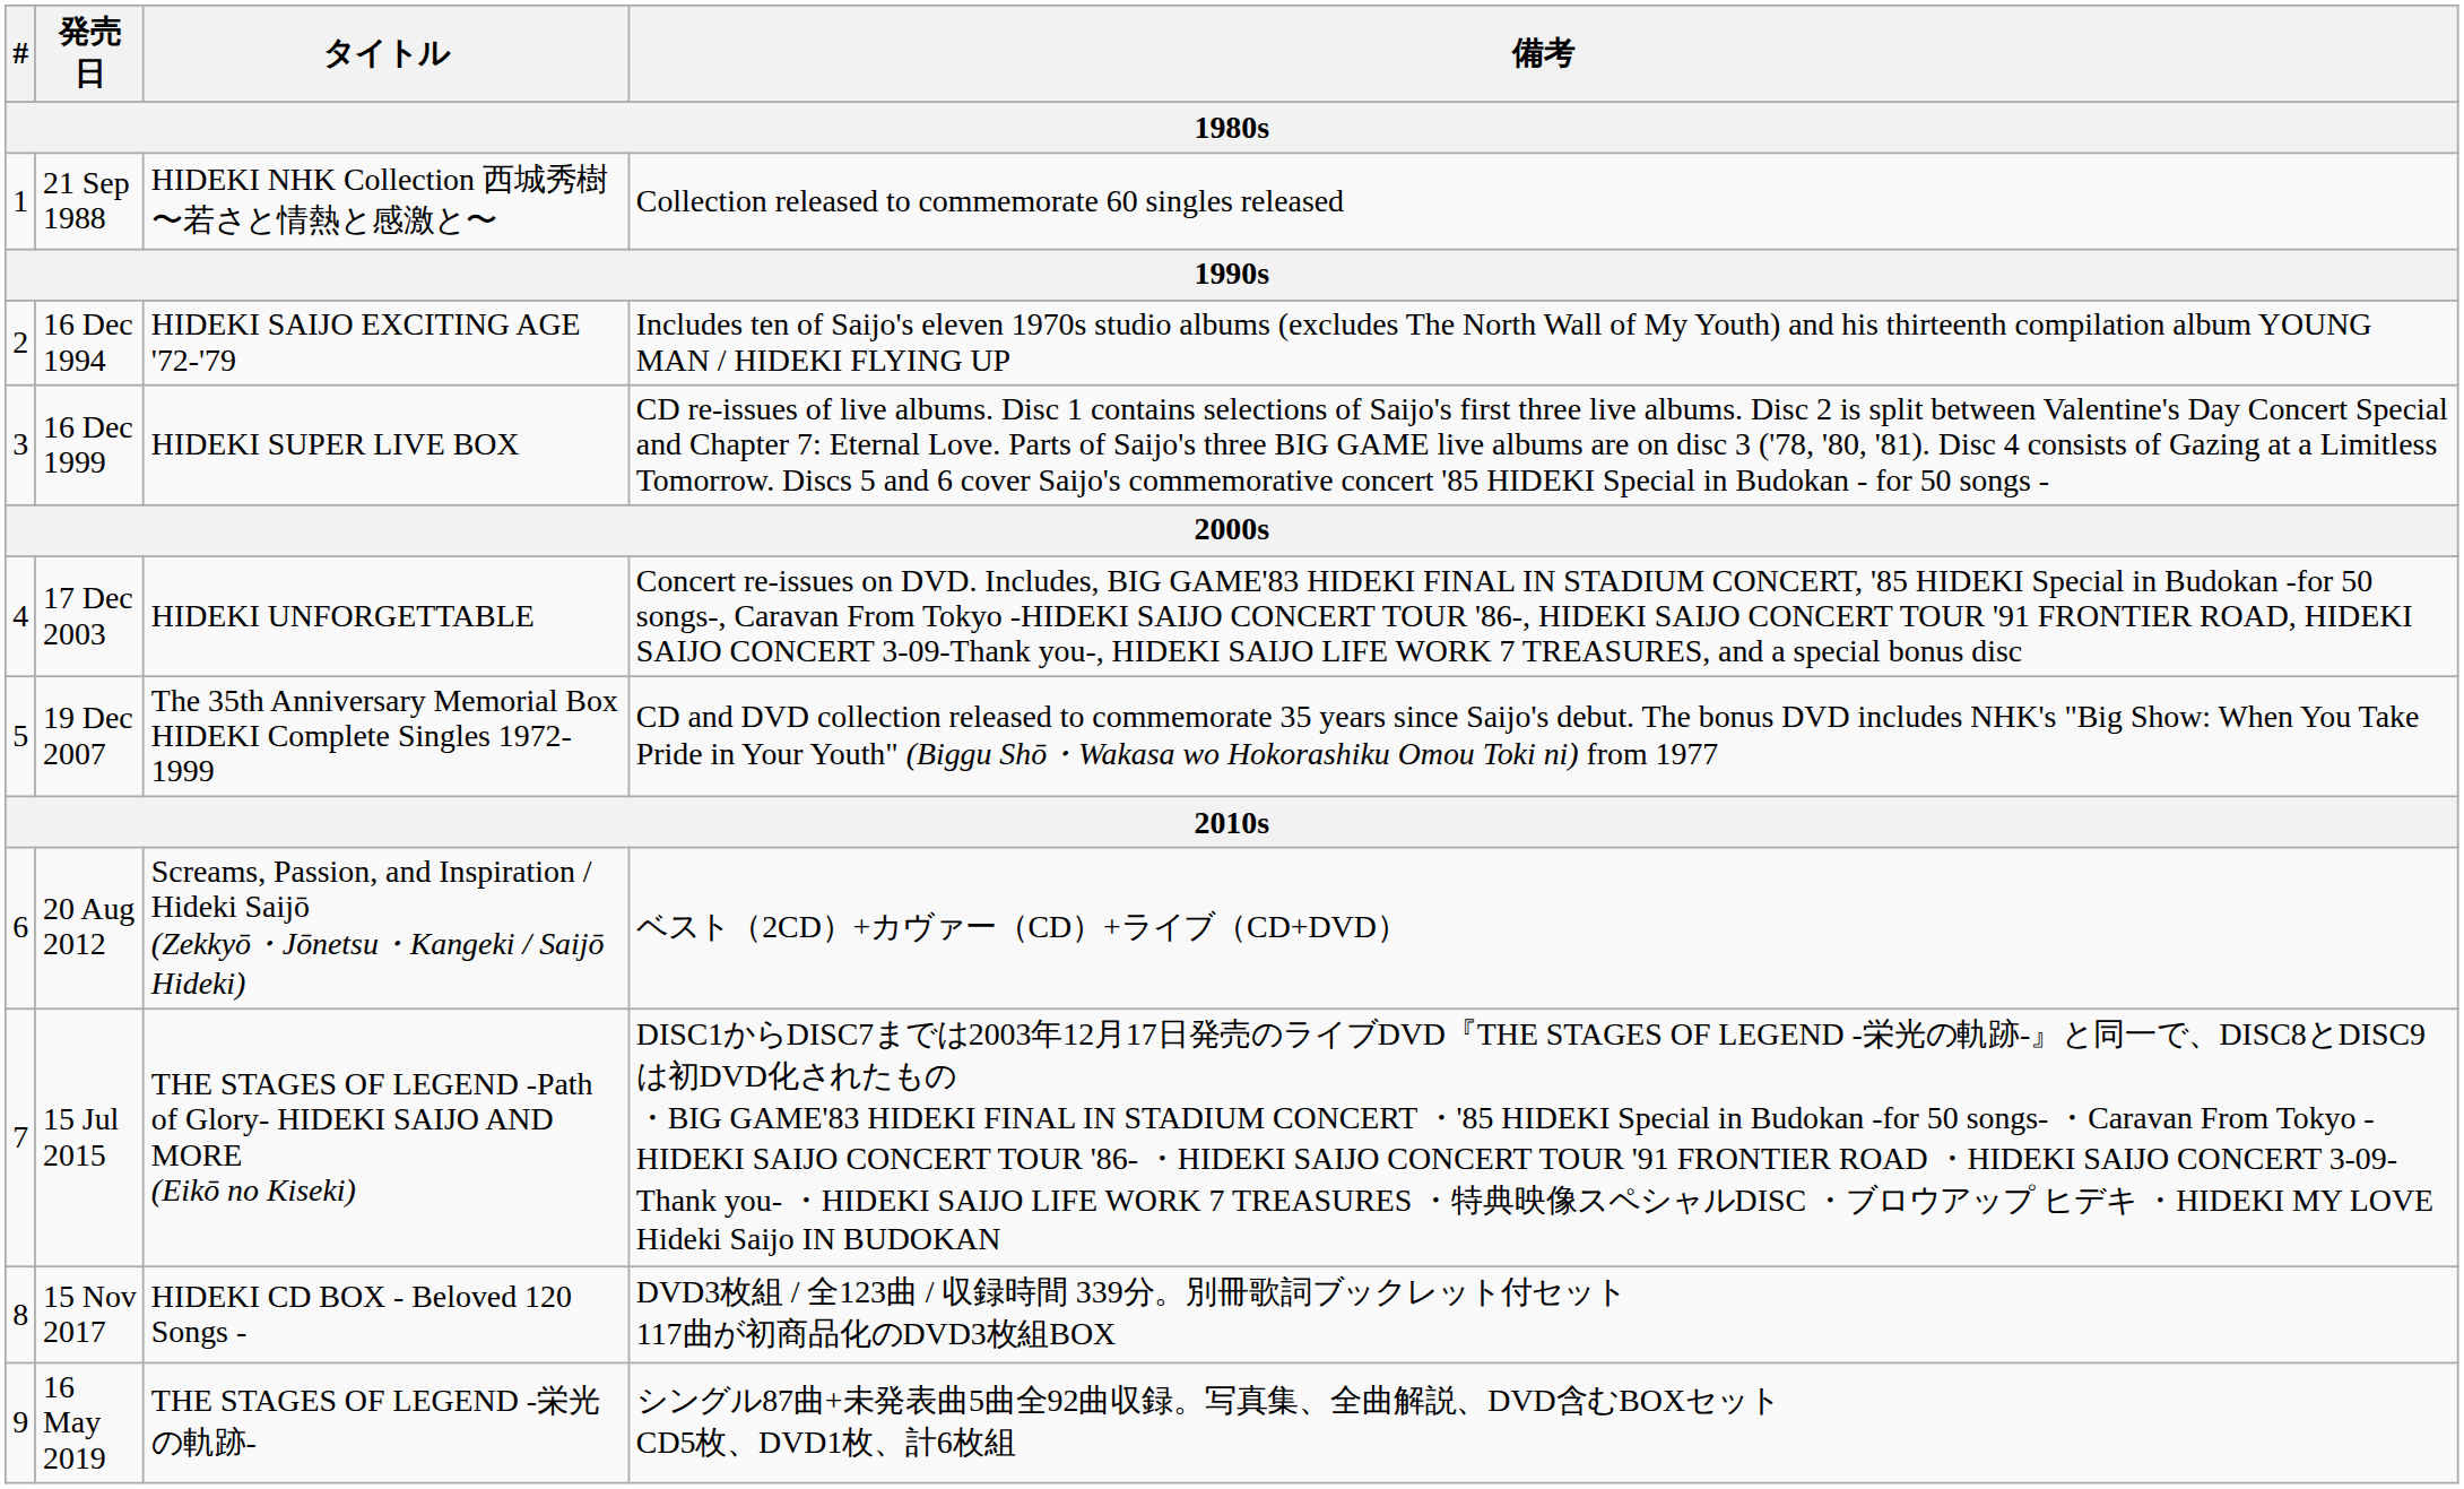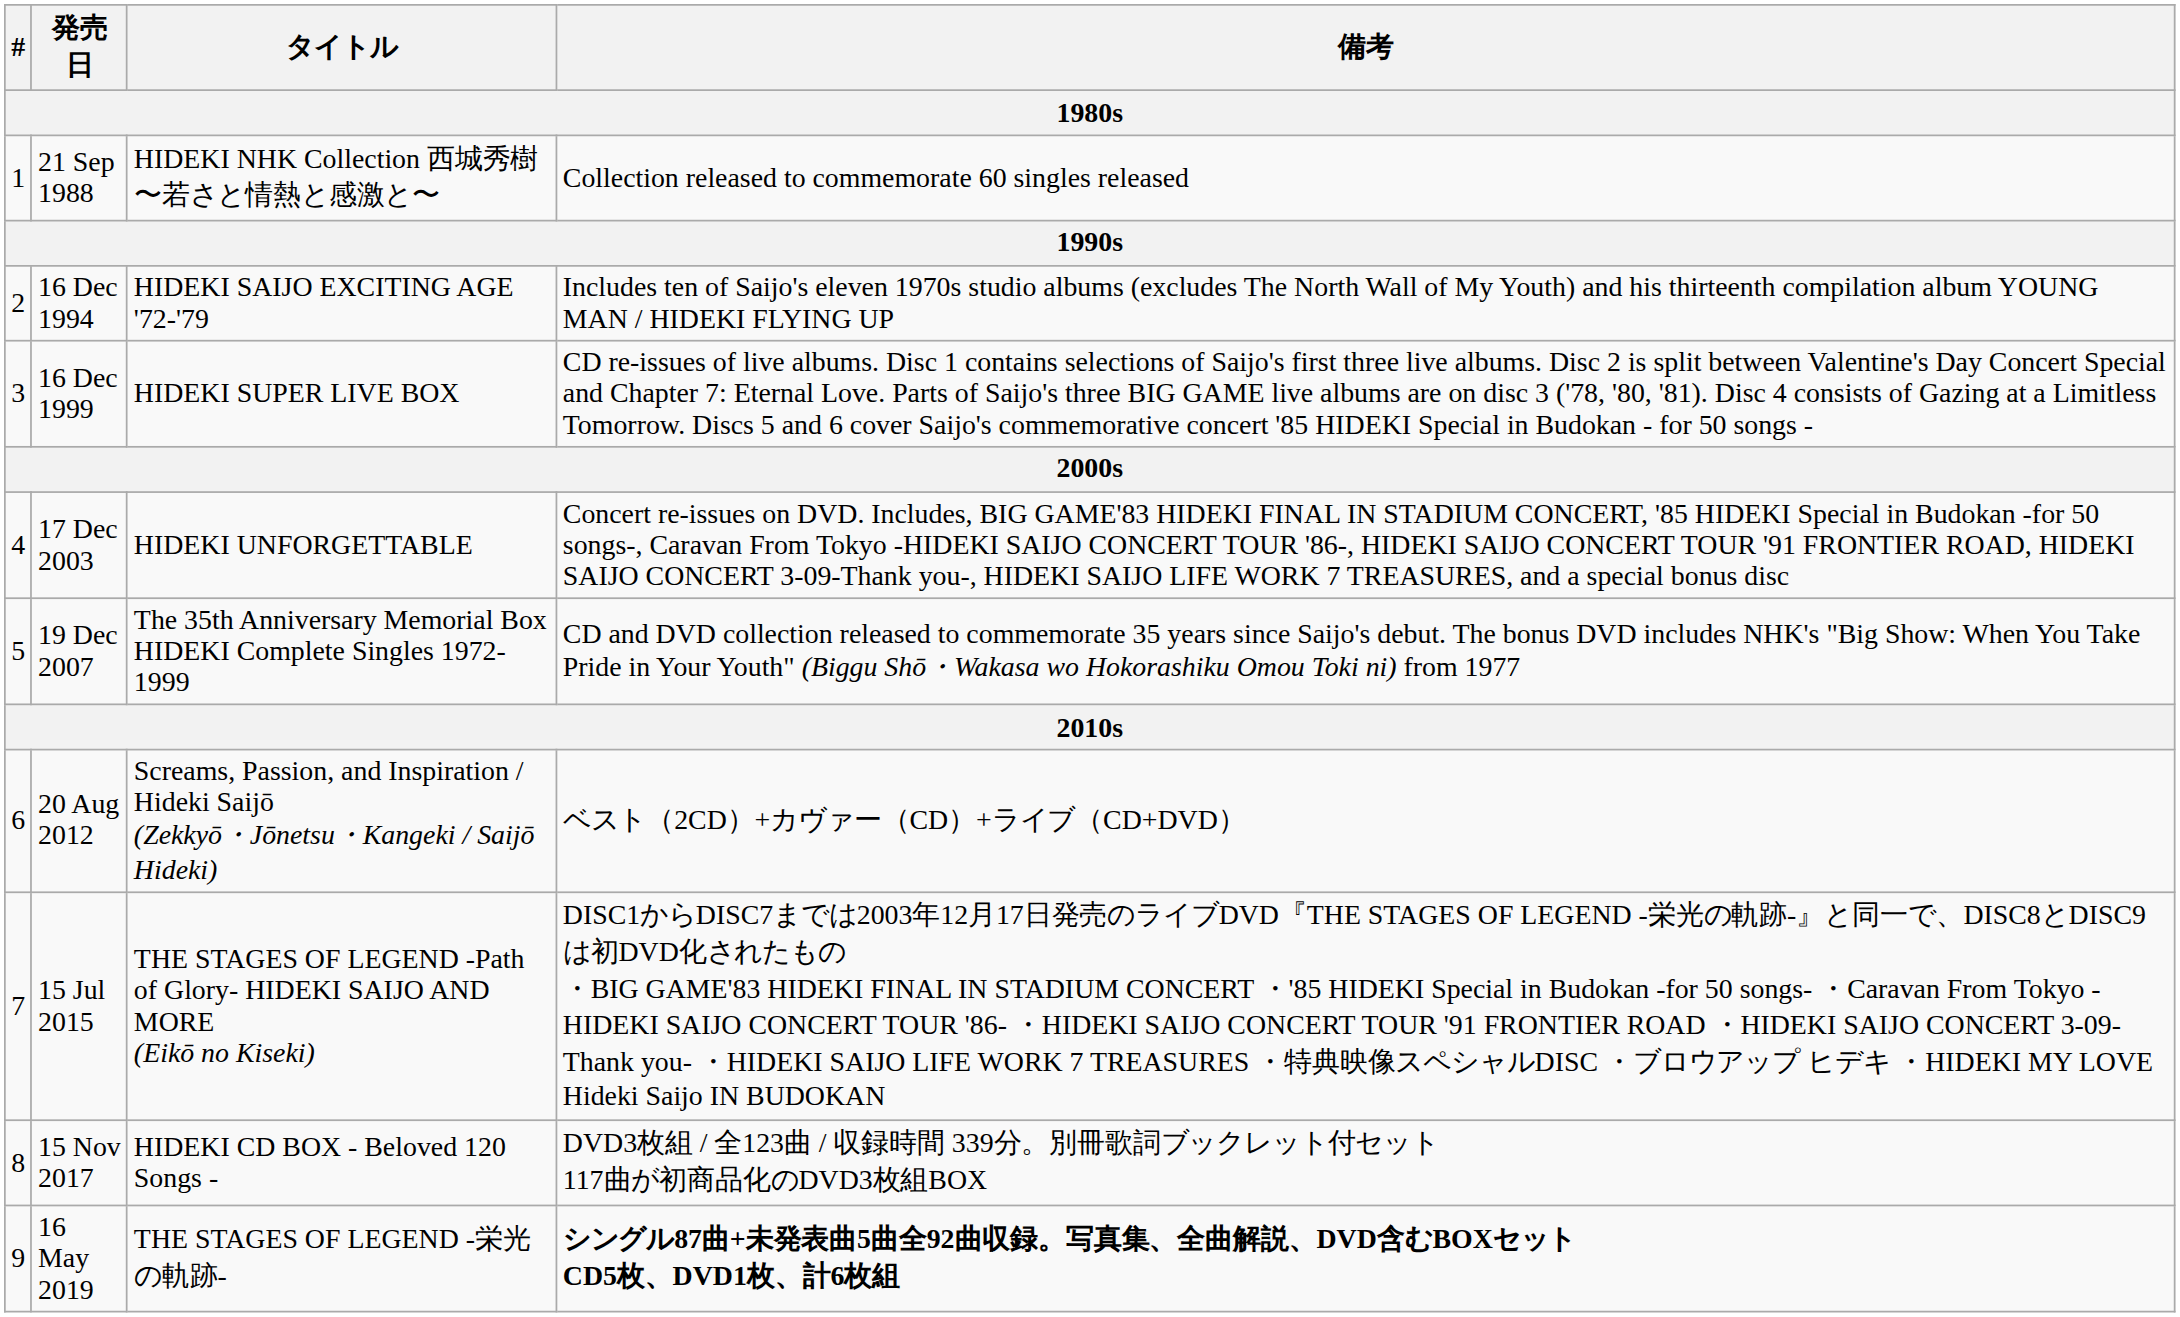 <table class="wikitable">
 <tr>
 <th>#</th>
 <th>発売日</th>
 <th>タイトル</th>
 <th>備考</th>
 </tr>
 <tr>
 <th colspan="7">1980s</th>
 </tr>
 <tr>
 <td>1</td>
 <td>21 Sep 1988</td>
 <td>HIDEKI NHK Collection 西城秀樹 〜若さと情熱と感激と〜</td>
 <td>Collection released to commemorate 60 singles released</td>
 </tr>
 <tr>
 <th colspan="7">1990s</th>
 </tr>
 <tr>
 <td>2</td>
 <td>16 Dec 1994</td>
 <td>HIDEKI SAIJO EXCITING AGE '72-'79</td>
 <td>Includes ten of Saijo's eleven 1970s studio albums (excludes The North Wall of My Youth) and his thirteenth compilation album YOUNG MAN / HIDEKI FLYING UP</td>
 </tr>
 <tr>
 <td>3</td>
 <td>16 Dec 1999</td>
 <td>HIDEKI SUPER LIVE BOX</td>
 <td>CD re-issues of live albums. Disc 1 contains selections of Saijo's first three live albums. Disc 2 is split between Valentine's Day Concert Special and Chapter 7: Eternal Love. Parts of Saijo's three BIG GAME live albums are on disc 3 ('78, '80, '81). Disc 4 consists of Gazing at a Limitless Tomorrow. Discs 5 and 6 cover Saijo's commemorative concert '85 HIDEKI Special in Budokan - for 50 songs -</td>
 </tr>
 <tr>
 <th colspan="7">2000s</th>
 </tr>
 <tr>
 <td>4</td>
 <td>17 Dec 2003</td>
 <td>HIDEKI UNFORGETTABLE</td>
 <td>Concert re-issues on DVD. Includes, BIG GAME'83 HIDEKI FINAL IN STADIUM CONCERT, '85 HIDEKI Special in Budokan -for 50 songs-, Caravan From Tokyo -HIDEKI SAIJO CONCERT TOUR '86-, HIDEKI SAIJO CONCERT TOUR '91 FRONTIER ROAD, HIDEKI SAIJO CONCERT 3-09-Thank you-, HIDEKI SAIJO LIFE WORK 7 TREASURES, and a special bonus disc</td>
 </tr>
 <tr>
 <td>5</td>
 <td>19 Dec 2007</td>
 <td>The 35th Anniversary Memorial Box HIDEKI Complete Singles 1972-1999</td>
 <td>CD and DVD collection released to commemorate 35 years since Saijo's debut. The bonus DVD includes NHK's "Big Show: When You Take Pride in Your Youth" <em>(Biggu Shō・Wakasa wo Hokorashiku Omou Toki ni)</em> from 1977</td>
 </tr>
 <tr>
 <th colspan="7">2010s</th>
 </tr>
 <tr>
 <td>6</td>
 <td>20 Aug 2012</td>
 <td>Screams, Passion, and Inspiration / Hideki Saijō<br><em>(Zekkyō・Jōnetsu・Kangeki / Saijō Hideki)</em></td>
 <td>ベスト（2CD）+カヴァー（CD）+ライブ（CD+DVD）</td>
 </tr>
 <tr>
 <td>7</td>
 <td>15 Jul 2015</td>
 <td>THE STAGES OF LEGEND -Path of Glory- HIDEKI SAIJO AND MORE<br><em>(Eikō no Kiseki)</em></td>
 <td>DISC1からDISC7までは2003年12月17日発売のライブDVD『THE STAGES OF LEGEND -栄光の軌跡-』と同一で、DISC8とDISC9は初DVD化されたもの<br>・BIG GAME'83 HIDEKI FINAL IN STADIUM CONCERT ・'85 HIDEKI Special in Budokan -for 50 songs- ・Caravan From Tokyo -HIDEKI SAIJO CONCERT TOUR '86- ・HIDEKI SAIJO CONCERT TOUR '91 FRONTIER ROAD ・HIDEKI SAIJO CONCERT 3-09-Thank you- ・HIDEKI SAIJO LIFE WORK 7 TREASURES ・特典映像スペシャルDISC ・ブロウアップ ヒデキ ・HIDEKI MY LOVE Hideki Saijo IN BUDOKAN</td>
 </tr>
 <tr>
 <td>8</td>
 <td>15 Nov 2017</td>
 <td>HIDEKI CD BOX - Beloved 120 Songs -</td>
 <td>DVD3枚組 / 全123曲 / 収録時間 339分。別冊歌詞ブックレット付セット<br>117曲が初商品化のDVD3枚組BOX</td>
 </tr>
 <tr>
 <td>9</td>
 <td>16 May 2019</td>
 <td>THE STAGES OF LEGEND -栄光の軌跡-</td>
-<td>シングル87曲+未発表曲5曲全92曲収録。写真集、全曲解説、DVD含むBOXセット<br>CD5枚、DVD1枚、計6枚組</td>
+<td><strong>シングル87曲+未発表曲5曲全92曲収録。写真集、全曲解説、DVD含むBOXセット<br>CD5枚、DVD1枚、計6枚組</strong></td>
 </tr>
 </table>
